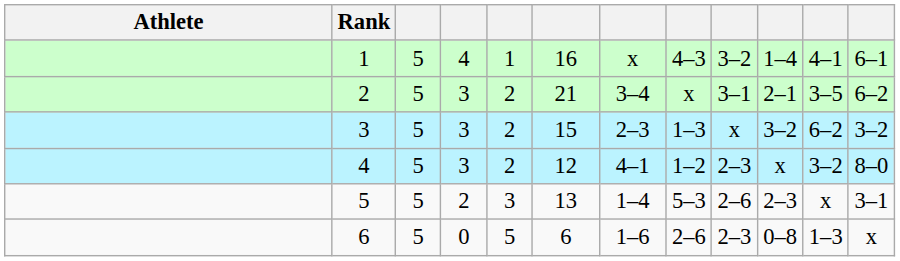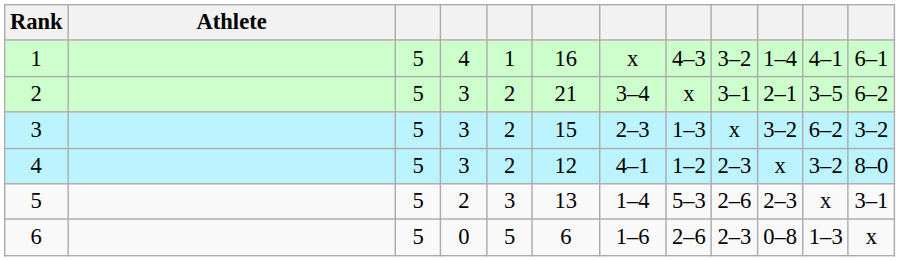 <table class="wikitable" style="text-align: center;">
 <tr>
+<th width=25>Rank</th>
 <th width=225>Athlete</th>
-<th width=25>Rank</th>
 <th width=25></th>
 <th width=25></th>
 <th width=25></th>
 <th width=40></th>
 <th width=40></th>
 <th width=25></th>
 <th width=25></th>
 <th width=25></th>
 <th width=25></th>
 <th width=25></th>
 </tr>
 <tr bgcolor=ccffcc>
+<td>1</td>
 <td align=left></td>
-<td>1</td>
 <td>5</td>
 <td>4</td>
 <td>1</td>
 <td>16</td>
 <td>x</td>
 <td>4–3</td>
 <td>3–2</td>
 <td>1–4</td>
 <td>4–1</td>
 <td>6–1</td>
 </tr>
 <tr bgcolor=ccffcc>
+<td>2</td>
 <td align=left></td>
-<td>2</td>
 <td>5</td>
 <td>3</td>
 <td>2</td>
 <td>21</td>
 <td>3–4</td>
 <td>x</td>
 <td>3–1</td>
 <td>2–1</td>
 <td>3–5</td>
 <td>6–2</td>
 </tr>
 <tr bgcolor=bbf3ff>
+<td>3</td>
 <td align=left></td>
-<td>3</td>
 <td>5</td>
 <td>3</td>
 <td>2</td>
 <td>15</td>
 <td>2–3</td>
 <td>1–3</td>
 <td>x</td>
 <td>3–2</td>
 <td>6–2</td>
 <td>3–2</td>
 </tr>
 <tr bgcolor=bbf3ff>
+<td>4</td>
 <td align=left></td>
-<td>4</td>
 <td>5</td>
 <td>3</td>
 <td>2</td>
 <td>12</td>
 <td>4–1</td>
 <td>1–2</td>
 <td>2–3</td>
 <td>x</td>
 <td>3–2</td>
 <td>8–0</td>
 </tr>
 <tr>
+<td>5</td>
 <td align=left></td>
-<td>5</td>
 <td>5</td>
 <td>2</td>
 <td>3</td>
 <td>13</td>
 <td>1–4</td>
 <td>5–3</td>
 <td>2–6</td>
 <td>2–3</td>
 <td>x</td>
 <td>3–1</td>
 </tr>
 <tr>
+<td>6</td>
 <td align=left></td>
-<td>6</td>
 <td>5</td>
 <td>0</td>
 <td>5</td>
 <td>6</td>
 <td>1–6</td>
 <td>2–6</td>
 <td>2–3</td>
 <td>0–8</td>
 <td>1–3</td>
 <td>x</td>
 </tr>
 </table>
